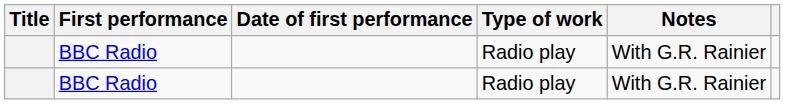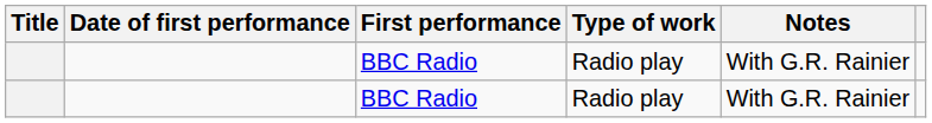 <table class="wikitable plainrowheaders sortable" style="margin-right: 0;">
 <tr>
 <th scope="col">Title</th>
+<th scope="col">Date of first performance</th>
 <th scope="col">First performance</th>
-<th scope="col">Date of first performance</th>
 <th scope="col">Type of work</th>
 <th scope="col" class="unsortable">Notes</th>
 <th scope="col" class="unsortable"></th>
 </tr>
 <tr>
 <th scope="row"></th>
+<td></td>
 <td><a href='#'>BBC Radio</a></td>
-<td></td>
 <td>Radio play</td>
 <td>With G.R. Rainier</td>
 <td style="text-align: center;"></td>
 </tr>
 <tr>
 <th scope="row"></th>
+<td></td>
 <td><a href='#'>BBC Radio</a></td>
-<td></td>
 <td>Radio play</td>
 <td>With G.R. Rainier</td>
 <td style="text-align: center;"></td>
 </tr>
 </table>
